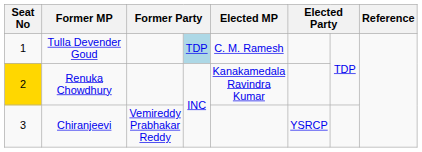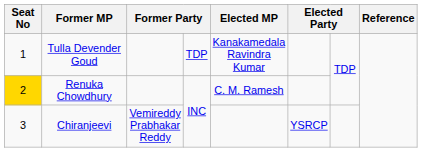 <table class="wikitable">
 <tr>
 <th>Seat No</th>
 <th>Former MP</th>
 <th colspan=2>Former Party</th>
 <th>Elected MP</th>
 <th colspan=2>Elected Party</th>
 <th>Reference</th>
 </tr>
 <tr style="text-align:center;">
 <td>1</td>
 <td><a href='#'>Tulla Devender Goud</a></td>
 <td width="1px"></td>
-<td style="background: lightblue;"><a href='#'>TDP</a></td>
-<td><a href='#'>C. M. Ramesh</a></td>
+<td><a href='#'>TDP</a></td>
+<td><a href='#'>Kanakamedala Ravindra Kumar</a></td>
 <td width="1px"></td>
 <td rowspan=2><a href='#'>TDP</a></td>
 <td rowspan=3></td>
 </tr>
 <tr style="text-align:center;">
 <td style="background: gold;">2</td>
 <td><a href='#'>Renuka Chowdhury</a></td>
 <td width="1px"></td>
 <td rowspan=2><a href='#'>INC</a></td>
-<td><a href='#'>Kanakamedala Ravindra Kumar</a></td>
+<td><a href='#'>C. M. Ramesh</a></td>
 </tr>
 <tr style="text-align:center;">
 <td>3</td>
 <td><a href='#'>Chiranjeevi</a></td>
 <td><a href='#'>Vemireddy Prabhakar Reddy</a></td>
 <td width="1px"></td>
 <td><a href='#'>YSRCP</a></td>
 </tr>
 </table>
